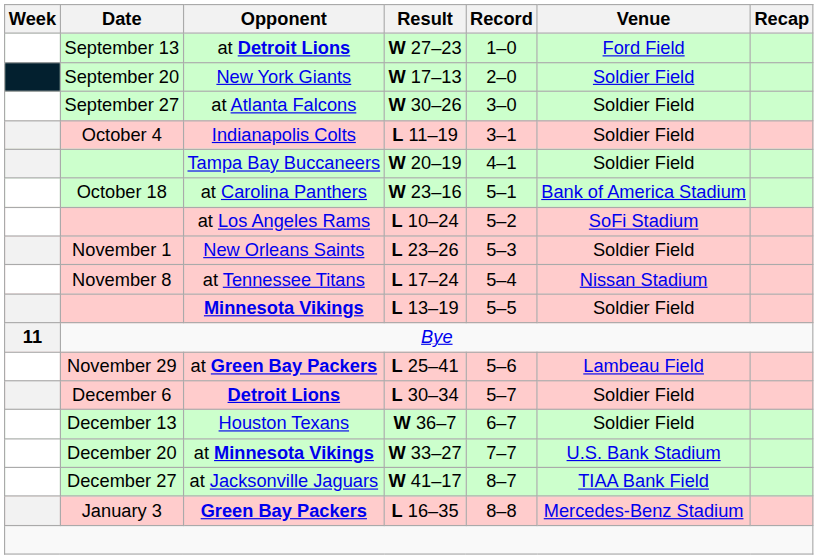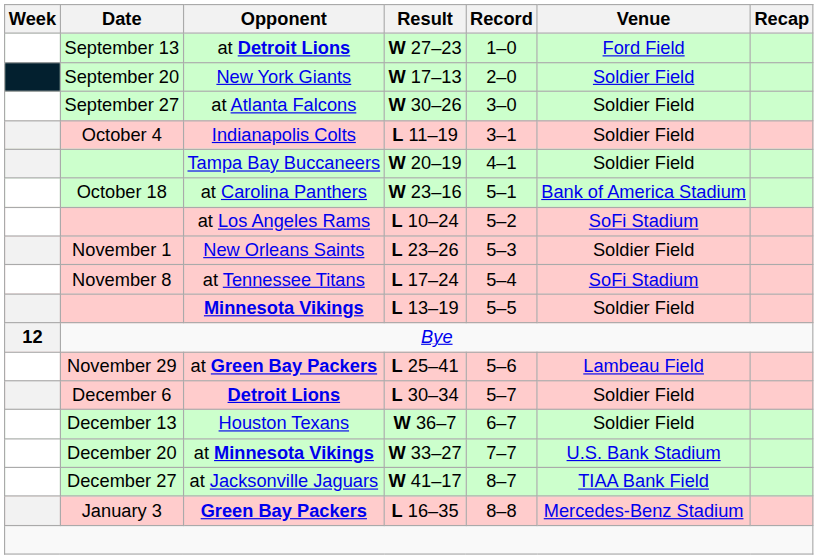 <table class="wikitable" style="text-align:center">
 <tr>
 <th>Week</th>
 <th>Date</th>
 <th>Opponent</th>
 <th>Result</th>
 <th>Record</th>
 <th>Venue</th>
 <th>Recap</th>
 </tr>
 <tr style="background:#cfc">
 <th style="background:white;color:#03202F"><a href='#'></a></th>
 <td>September 13</td>
 <td>at <strong><a href='#'>Detroit Lions</a></strong></td>
 <td><strong>W</strong> 27–23</td>
 <td>1–0</td>
 <td><a href='#'>Ford Field</a></td>
 <td></td>
 </tr>
 <tr style="background:#cfc">
 <th style="background:#03202F;color:white"><a href='#'></a></th>
 <td>September 20</td>
 <td><a href='#'>New York Giants</a></td>
 <td><strong>W</strong> 17–13</td>
 <td>2–0</td>
 <td><a href='#'>Soldier Field</a></td>
 <td></td>
 </tr>
 <tr style="background:#cfc">
 <th style="background:white;color:#03202F"><a href='#'></a></th>
 <td>September 27</td>
 <td>at <a href='#'>Atlanta Falcons</a></td>
 <td><strong>W</strong> 30–26</td>
 <td>3–0</td>
 <td>Soldier Field</td>
 <td></td>
 </tr>
 <tr style="background:#fcc">
 <th><a href='#'></a></th>
 <td>October 4</td>
 <td><a href='#'>Indianapolis Colts</a></td>
 <td><strong>L</strong> 11–19</td>
 <td>3–1</td>
 <td>Soldier Field</td>
 <td></td>
 </tr>
 <tr style="background:#cfc">
 <th><a href='#'></a></th>
 <td></td>
 <td><a href='#'>Tampa Bay Buccaneers</a></td>
 <td><strong>W</strong> 20–19</td>
 <td>4–1</td>
 <td>Soldier Field</td>
 <td></td>
 </tr>
 <tr style="background:#cfc">
 <th style="background:white;color:#03202F"><a href='#'></a></th>
 <td>October 18</td>
 <td>at <a href='#'>Carolina Panthers</a></td>
 <td><strong>W</strong> 23–16</td>
 <td>5–1</td>
 <td><a href='#'>Bank of America Stadium</a></td>
 <td></td>
 </tr>
 <tr style="background:#fcc">
 <th style="background:white;color:#03202F"><a href='#'></a></th>
 <td></td>
 <td>at <a href='#'>Los Angeles Rams</a></td>
 <td><strong>L</strong> 10–24</td>
 <td>5–2</td>
 <td><a href='#'>SoFi Stadium</a></td>
 <td></td>
 </tr>
 <tr style="background:#fcc">
 <th><a href='#'></a></th>
 <td>November 1</td>
 <td><a href='#'>New Orleans Saints</a></td>
 <td><strong>L</strong> 23–26 </td>
 <td>5–3</td>
 <td>Soldier Field</td>
 <td></td>
 </tr>
 <tr style="background:#fcc">
 <th style="background:white;color:#03202F"><a href='#'></a></th>
 <td>November 8</td>
 <td>at <a href='#'>Tennessee Titans</a></td>
 <td><strong>L</strong> 17–24</td>
 <td>5–4</td>
-<td><a href='#'>Nissan Stadium</a></td>
+<td><a href='#'>SoFi Stadium</a></td>
 <td></td>
 </tr>
 <tr style="background:#fcc">
 <th><a href='#'></a></th>
 <td></td>
 <td><strong><a href='#'>Minnesota Vikings</a></strong></td>
 <td><strong>L</strong> 13–19</td>
 <td>5–5</td>
 <td>Soldier Field</td>
 <td></td>
 </tr>
 <tr>
-<th>11</th>
+<th>12</th>
 <td colspan="6"><em><a href='#'>Bye</a></em></td>
 </tr>
 <tr style="background:#fcc">
 <th style="background:white;color:#03202F"><a href='#'></a></th>
 <td>November 29</td>
 <td>at <strong><a href='#'>Green Bay Packers</a></strong></td>
 <td><strong>L</strong> 25–41</td>
 <td>5–6</td>
 <td><a href='#'>Lambeau Field</a></td>
 <td></td>
 </tr>
 <tr style="background:#fcc">
 <th><a href='#'></a></th>
 <td>December 6</td>
 <td><strong><a href='#'>Detroit Lions</a></strong></td>
 <td><strong>L</strong> 30–34</td>
 <td>5–7</td>
 <td>Soldier Field</td>
 <td></td>
 </tr>
 <tr style="background:#cfc">
 <th style="background:white;color:#df6108"><a href='#'></a></th>
 <td>December 13</td>
 <td><a href='#'>Houston Texans</a></td>
 <td><strong>W</strong> 36–7</td>
 <td>6–7</td>
 <td>Soldier Field</td>
 <td></td>
 </tr>
 <tr style="background:#cfc">
 <th style="background:white;color:#03202F"><a href='#'></a></th>
 <td>December 20</td>
 <td>at <strong><a href='#'>Minnesota Vikings</a></strong></td>
 <td><strong>W</strong> 33–27</td>
 <td>7–7</td>
 <td><a href='#'>U.S. Bank Stadium</a></td>
 <td></td>
 </tr>
 <tr style="background:#cfc">
 <th style="background:white;color:#03202F"><a href='#'></a></th>
 <td>December 27</td>
 <td>at <a href='#'>Jacksonville Jaguars</a></td>
 <td><strong>W</strong> 41–17</td>
 <td>8–7</td>
 <td><a href='#'>TIAA Bank Field</a></td>
 <td></td>
 </tr>
 <tr style="background:#fcc">
 <th><a href='#'></a></th>
 <td>January 3</td>
 <td><strong><a href='#'>Green Bay Packers</a></strong></td>
 <td><strong>L</strong> 16–35</td>
 <td>8–8</td>
 <td><a href='#'>Mercedes-Benz Stadium</a></td>
 <td></td>
 </tr>
 <tr>
 <td colspan="7"><br></td>
 </tr>
 </table>
